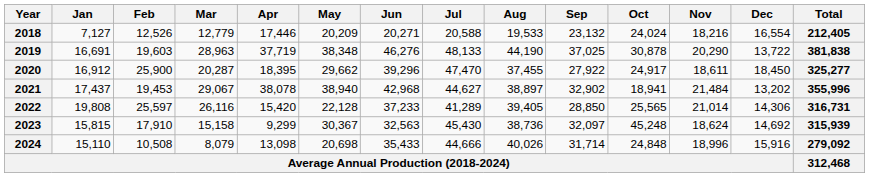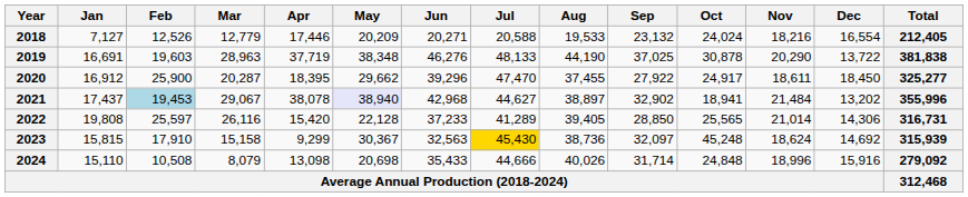 <table class=wikitable style="text-align:right; font-size:0.9em; width:1050px;">
 <tr>
 <th>Year</th>
 <th>Jan</th>
 <th>Feb</th>
 <th>Mar</th>
 <th>Apr</th>
 <th>May</th>
 <th>Jun</th>
 <th>Jul</th>
 <th>Aug</th>
 <th>Sep</th>
 <th>Oct</th>
 <th>Nov</th>
 <th>Dec</th>
 <th>Total</th>
 </tr>
 <tr>
 <th>2018</th>
 <td>7,127</td>
 <td>12,526</td>
 <td>12,779</td>
 <td>17,446</td>
 <td>20,209</td>
 <td>20,271</td>
 <td>20,588</td>
 <td>19,533</td>
 <td>23,132</td>
 <td>24,024</td>
 <td>18,216</td>
 <td>16,554</td>
 <th>212,405</th>
 </tr>
 <tr>
 <th>2019</th>
 <td>16,691</td>
 <td>19,603</td>
 <td>28,963</td>
 <td>37,719</td>
 <td>38,348</td>
 <td>46,276</td>
 <td>48,133</td>
 <td>44,190</td>
 <td>37,025</td>
 <td>30,878</td>
 <td>20,290</td>
 <td>13,722</td>
 <th>381,838</th>
 </tr>
 <tr>
 <th>2020</th>
 <td>16,912</td>
 <td>25,900</td>
 <td>20,287</td>
 <td>18,395</td>
 <td>29,662</td>
 <td>39,296</td>
 <td>47,470</td>
 <td>37,455</td>
 <td>27,922</td>
 <td>24,917</td>
 <td>18,611</td>
 <td>18,450</td>
 <th>325,277</th>
 </tr>
 <tr>
 <th>2021</th>
 <td>17,437</td>
-<td>19,453</td>
+<td style="background: lightblue;">19,453</td>
 <td>29,067</td>
 <td>38,078</td>
-<td>38,940</td>
+<td style="background: lavender;">38,940</td>
 <td>42,968</td>
 <td>44,627</td>
 <td>38,897</td>
 <td>32,902</td>
 <td>18,941</td>
 <td>21,484</td>
 <td>13,202</td>
 <th>355,996</th>
 </tr>
 <tr>
 <th>2022</th>
 <td>19,808</td>
 <td>25,597</td>
 <td>26,116</td>
 <td>15,420</td>
 <td>22,128</td>
 <td>37,233</td>
 <td>41,289</td>
 <td>39,405</td>
 <td>28,850</td>
 <td>25,565</td>
 <td>21,014</td>
 <td>14,306</td>
 <th>316,731</th>
 </tr>
 <tr>
 <th>2023</th>
 <td>15,815</td>
 <td>17,910</td>
 <td>15,158</td>
 <td>9,299</td>
 <td>30,367</td>
 <td>32,563</td>
-<td>45,430</td>
+<td style="background: gold;">45,430</td>
 <td>38,736</td>
 <td>32,097</td>
 <td>45,248</td>
 <td>18,624</td>
 <td>14,692</td>
 <th>315,939</th>
 </tr>
 <tr>
 <th>2024</th>
 <td>15,110</td>
 <td>10,508</td>
 <td>8,079</td>
 <td>13,098</td>
 <td>20,698</td>
 <td>35,433</td>
 <td>44,666</td>
 <td>40,026</td>
 <td>31,714</td>
 <td>24,848</td>
 <td>18,996</td>
 <td>15,916</td>
 <th>279,092</th>
 </tr>
 <tr>
 <th colspan=13>Average Annual Production (2018-2024)</th>
 <th>312,468</th>
 </tr>
 </table>
